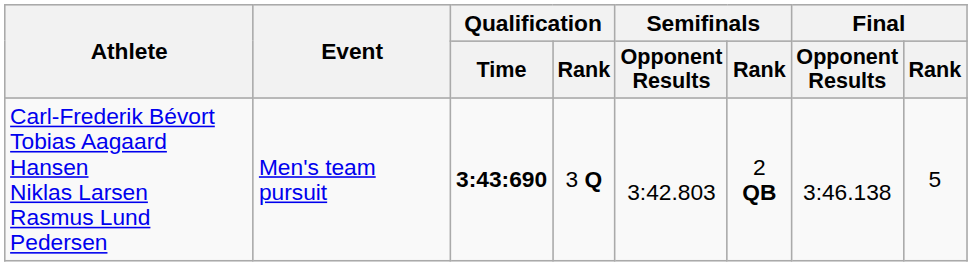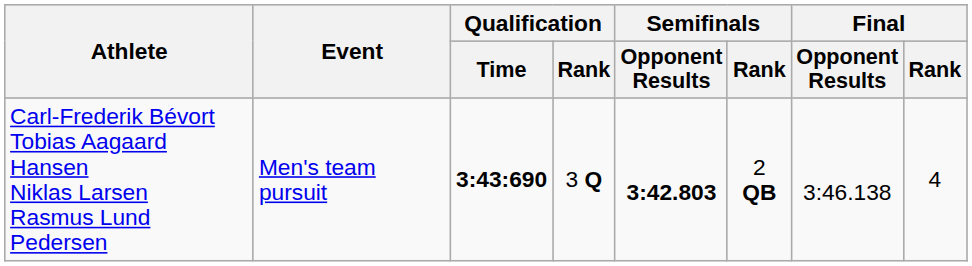 <table class=wikitable style=font-size:90%;text-align:center>
 <tr>
 <th rowspan=2>Athlete</th>
 <th rowspan=2>Event</th>
 <th colspan=2>Qualification</th>
 <th colspan=2>Semifinals</th>
 <th colspan=2>Final</th>
 </tr>
 <tr style=font-size:95%>
 <th>Time</th>
 <th>Rank</th>
 <th>Opponent<br>Results</th>
 <th>Rank</th>
 <th>Opponent<br>Results</th>
 <th>Rank</th>
 </tr>
 <tr>
 <td align=left><a href='#'>Carl-Frederik Bévort</a><br><a href='#'>Tobias Aagaard Hansen</a><br><a href='#'>Niklas Larsen</a><br><a href='#'>Rasmus Lund Pedersen</a></td>
 <td align=left><a href='#'>Men's team pursuit</a></td>
 <td><strong>3:43:690</strong></td>
 <td>3 <strong>Q</strong></td>
-<td><br>3:42.803</td>
+<td><strong><br>3:42.803</strong></td>
 <td>2 <strong>QB</strong></td>
 <td><br>3:46.138</td>
-<td>5</td>
+<td>4</td>
 </tr>
 </table>
